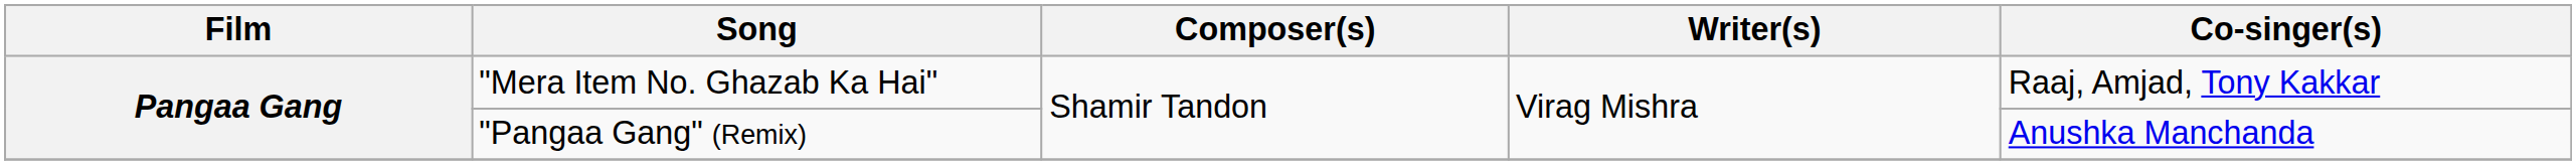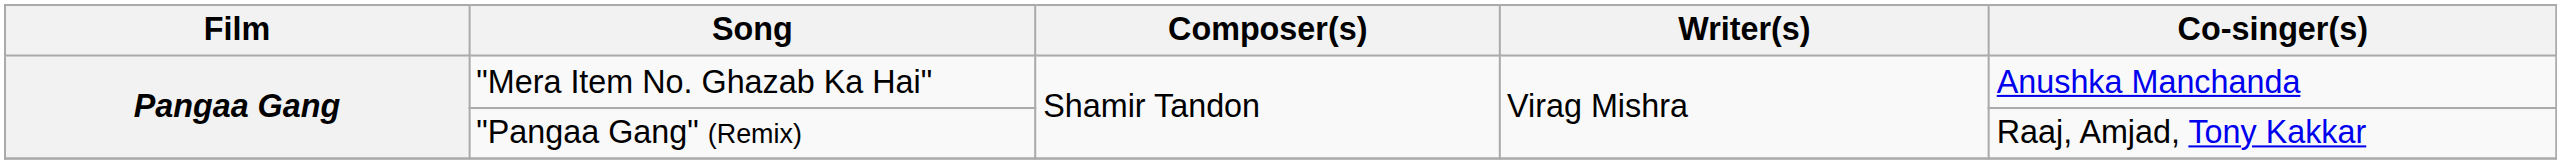 <table class="wikitable plainrowheaders" width="100%">
 <tr>
 <th width=18%>Film</th>
 <th width=22%>Song</th>
 <th width=18%>Composer(s)</th>
 <th width=19%>Writer(s)</th>
 <th width=22%>Co-singer(s)</th>
 </tr>
 <tr>
 <th scope="row" rowspan="2"><em>Pangaa Gang</em> </th>
 <td>"Mera Item No. Ghazab Ka Hai" </td>
 <td rowspan="2">Shamir Tandon</td>
 <td rowspan="2">Virag Mishra</td>
-<td>Raaj, Amjad, <a href='#'>Tony Kakkar</a></td>
+<td><a href='#'>Anushka Manchanda</a></td>
 </tr>
 <tr>
 <td>"Pangaa Gang" <small>(Remix)</small></td>
-<td><a href='#'>Anushka Manchanda</a></td>
+<td>Raaj, Amjad, <a href='#'>Tony Kakkar</a></td>
 </tr>
 <tr>
 </tr>
 </table>
